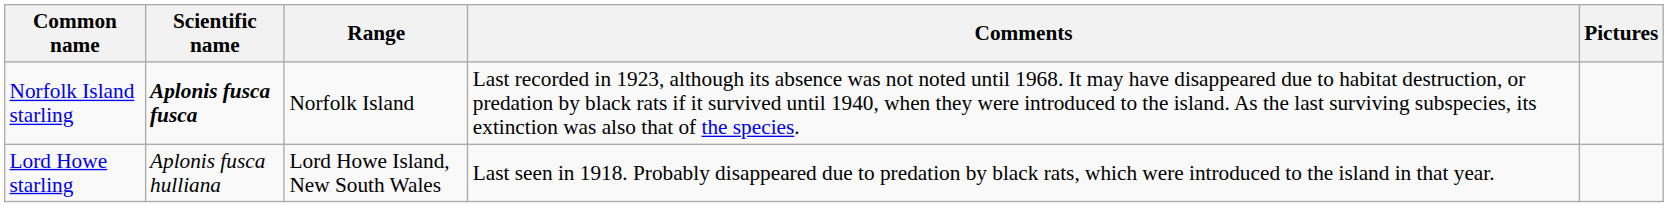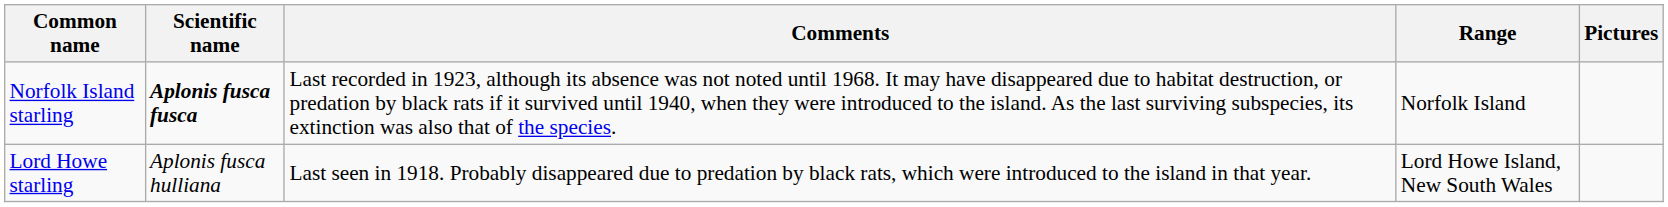 <table class="wikitable">
 <tr>
 <th>Common name</th>
 <th>Scientific name</th>
+<th class="unsortable">Comments</th>
 <th>Range</th>
-<th class="unsortable">Comments</th>
 <th class="unsortable">Pictures</th>
 </tr>
 <tr>
 <td><a href='#'>Norfolk Island starling</a></td>
 <td><strong><em>Aplonis fusca fusca</em></strong></td>
+<td>Last recorded in 1923, although its absence was not noted until 1968. It may have disappeared due to habitat destruction, or predation by black rats if it survived until 1940, when they were introduced to the island. As the last surviving subspecies, its extinction was also that of <a href='#'>the species</a>.</td>
 <td>Norfolk Island</td>
-<td>Last recorded in 1923, although its absence was not noted until 1968. It may have disappeared due to habitat destruction, or predation by black rats if it survived until 1940, when they were introduced to the island. As the last surviving subspecies, its extinction was also that of <a href='#'>the species</a>.</td>
 <td></td>
 </tr>
 <tr>
 <td><a href='#'>Lord Howe starling</a></td>
 <td><em>Aplonis fusca hulliana</em></td>
+<td>Last seen in 1918. Probably disappeared due to predation by black rats, which were introduced to the island in that year.</td>
 <td>Lord Howe Island, New South Wales</td>
-<td>Last seen in 1918. Probably disappeared due to predation by black rats, which were introduced to the island in that year.</td>
 <td></td>
 </tr>
 </table>
